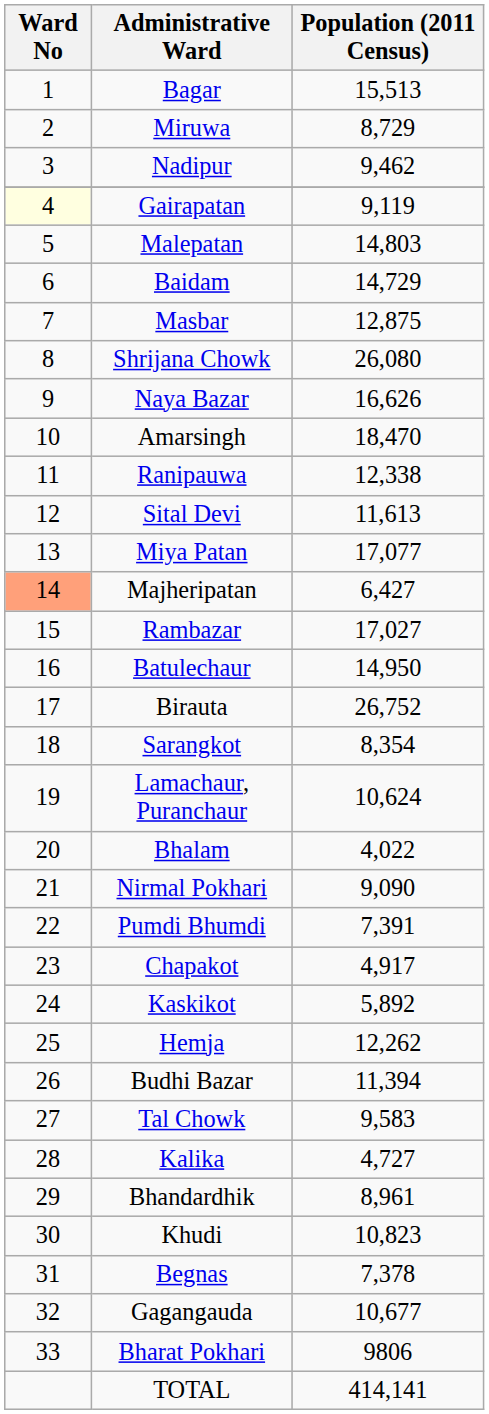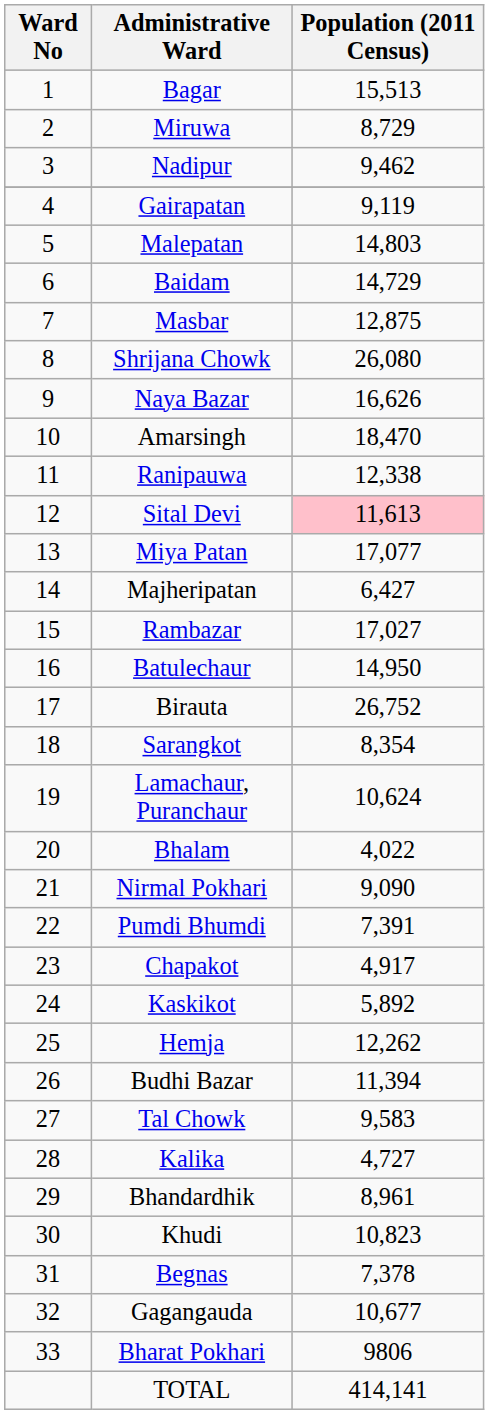 <table class="wikitable floatright" style="width:25%;text-align:center">
 <tr>
 <th>Ward No</th>
 <th>Administrative Ward</th>
 <th>Population (2011 Census)</th>
 </tr>
 <tr>
 <td>1</td>
 <td><a href='#'>Bagar</a></td>
 <td>15,513</td>
 </tr>
 <tr>
 <td>2</td>
 <td><a href='#'>Miruwa</a></td>
 <td>8,729</td>
 </tr>
 <tr>
 <td>3</td>
 <td><a href='#'>Nadipur</a></td>
 <td>9,462</td>
 </tr>
 <tr>
 </tr>
 <tr>
-<td style="background: lightyellow;">4</td>
+<td>4</td>
 <td><a href='#'>Gairapatan</a></td>
 <td>9,119</td>
 </tr>
 <tr>
 <td>5</td>
 <td><a href='#'>Malepatan</a></td>
 <td>14,803</td>
 </tr>
 <tr>
 <td>6</td>
 <td><a href='#'>Baidam</a></td>
 <td>14,729</td>
 </tr>
 <tr>
 <td>7</td>
 <td><a href='#'>Masbar</a></td>
 <td>12,875</td>
 </tr>
 <tr>
 <td>8</td>
 <td><a href='#'>Shrijana Chowk</a></td>
 <td>26,080</td>
 </tr>
 <tr>
 <td>9</td>
 <td><a href='#'>Naya Bazar</a></td>
 <td>16,626</td>
 </tr>
 <tr>
 <td>10</td>
 <td>Amarsingh</td>
 <td>18,470</td>
 </tr>
 <tr>
 <td>11</td>
 <td><a href='#'>Ranipauwa</a></td>
 <td>12,338</td>
 </tr>
 <tr>
 <td>12</td>
 <td><a href='#'>Sital Devi</a></td>
-<td>11,613</td>
+<td style="background: pink;">11,613</td>
 </tr>
 <tr>
 <td>13</td>
 <td><a href='#'>Miya Patan</a></td>
 <td>17,077</td>
 </tr>
 <tr>
-<td style="background: lightsalmon;">14</td>
+<td>14</td>
 <td>Majheripatan</td>
 <td>6,427</td>
 </tr>
 <tr>
 <td>15</td>
 <td><a href='#'>Rambazar</a></td>
 <td>17,027</td>
 </tr>
 <tr>
 <td>16</td>
 <td><a href='#'>Batulechaur</a></td>
 <td>14,950</td>
 </tr>
 <tr>
 <td>17</td>
 <td>Birauta</td>
 <td>26,752</td>
 </tr>
 <tr>
 <td>18</td>
 <td><a href='#'>Sarangkot</a></td>
 <td>8,354</td>
 </tr>
 <tr>
 <td>19</td>
 <td><a href='#'>Lamachaur</a>, <a href='#'>Puranchaur</a></td>
 <td>10,624</td>
 </tr>
 <tr>
 <td>20</td>
 <td><a href='#'>Bhalam</a></td>
 <td>4,022</td>
 </tr>
 <tr>
 <td>21</td>
 <td><a href='#'>Nirmal Pokhari</a></td>
 <td>9,090</td>
 </tr>
 <tr>
 <td>22</td>
 <td><a href='#'>Pumdi Bhumdi</a></td>
 <td>7,391</td>
 </tr>
 <tr>
 <td>23</td>
 <td><a href='#'>Chapakot</a></td>
 <td>4,917</td>
 </tr>
 <tr>
 <td>24</td>
 <td><a href='#'>Kaskikot</a></td>
 <td>5,892</td>
 </tr>
 <tr>
 <td>25</td>
 <td><a href='#'>Hemja</a></td>
 <td>12,262</td>
 </tr>
 <tr>
 <td>26</td>
 <td>Budhi Bazar</td>
 <td>11,394</td>
 </tr>
 <tr>
 <td>27</td>
 <td><a href='#'>Tal Chowk</a></td>
 <td>9,583</td>
 </tr>
 <tr>
 <td>28</td>
 <td><a href='#'>Kalika</a></td>
 <td>4,727</td>
 </tr>
 <tr>
 <td>29</td>
 <td>Bhandardhik</td>
 <td>8,961</td>
 </tr>
 <tr>
 <td>30</td>
 <td>Khudi</td>
 <td>10,823</td>
 </tr>
 <tr>
 <td>31</td>
 <td><a href='#'>Begnas</a></td>
 <td>7,378</td>
 </tr>
 <tr>
 <td>32</td>
 <td>Gagangauda</td>
 <td>10,677</td>
 </tr>
 <tr>
 <td>33</td>
 <td><a href='#'>Bharat Pokhari</a></td>
 <td>9806</td>
 </tr>
 <tr>
 <td></td>
 <td>TOTAL</td>
 <td>414,141</td>
 </tr>
 </table>
